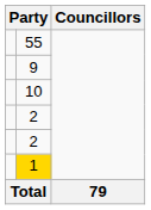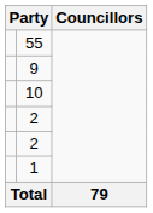 <table class="wikitable">
 <tr>
 <th colspan=2>Party</th>
 <th>Councillors</th>
 </tr>
 <tr>
 <td></td>
 <td align=center>55</td>
 </tr>
 <tr>
 <td></td>
 <td align=center>9</td>
 </tr>
 <tr>
 <td></td>
 <td align=center>10</td>
 </tr>
 <tr>
 <td></td>
 <td align=center>2</td>
 </tr>
 <tr>
 <td></td>
 <td align=center>2</td>
 </tr>
 <tr>
 <td></td>
-<td align=center style="background: gold;">1</td>
+<td align=center>1</td>
 </tr>
 <tr>
 <th colspan=2>Total</th>
 <th align=center>79</th>
 </tr>
 </table>
